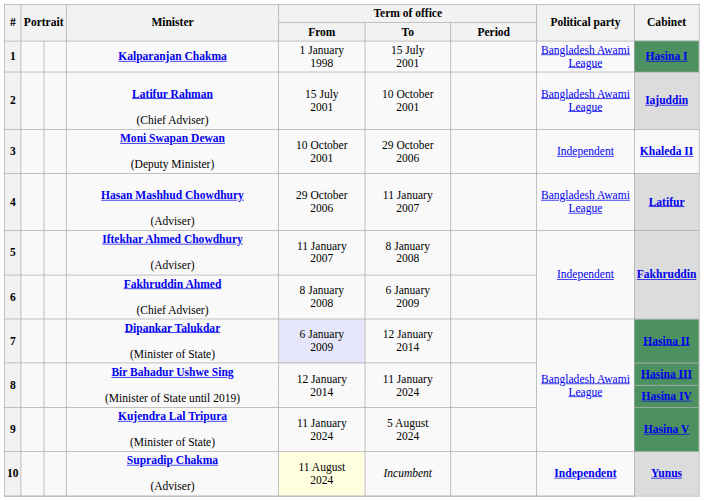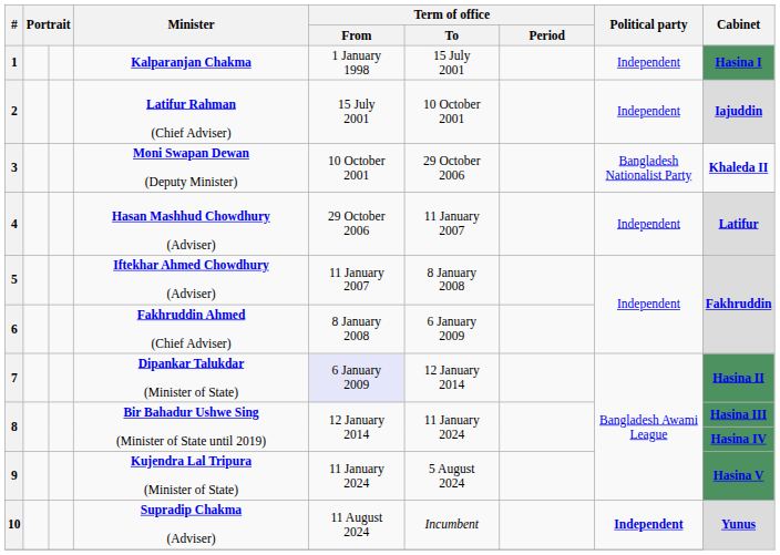 <table class="wikitable" style="text-align:center">
 <tr>
 <th rowspan="2">#</th>
 <th rowspan="2" colspan="2">Portrait</th>
 <th rowspan="2" style="width:18em">Minister<br></th>
 <th colspan="3">Term of office</th>
 <th rowspan="2" style="width:8em">Political party</th>
 <th rowspan="2">Cabinet</th>
 </tr>
 <tr>
 <th style="width:7em">From</th>
 <th style="width:7em">To</th>
 <th style="width:7em">Period</th>
 </tr>
 <tr>
 <th>1</th>
 <td></td>
 <td></td>
 <td><strong><a href='#'>Kalparanjan Chakma</a></strong><br></td>
 <td>1 January<br>1998</td>
 <td>15 July<br>2001</td>
 <td><strong></strong></td>
-<td><a href='#'>Bangladesh Awami League</a></td>
+<td><a href='#'>Independent</a></td>
 <td style="background:#4C915F"><strong><a href='#'>Hasina I</a></strong></td>
 </tr>
 <tr>
 <th>2</th>
 <td></td>
 <td></td>
 <td><br><strong><a href='#'>Latifur Rahman</a></strong><br><br>(Chief Adviser)</td>
 <td>15 July<br>2001</td>
 <td>10 October<br>2001</td>
 <td><strong></strong></td>
-<td><a href='#'>Bangladesh Awami League</a></td>
+<td><a href='#'>Independent</a></td>
 <td style="background:#DCDCDC"><strong><a href='#'>Iajuddin</a></strong></td>
 </tr>
 <tr>
 <th>3</th>
 <td></td>
 <td></td>
 <td><strong><a href='#'>Moni Swapan Dewan</a></strong><br><br>(Deputy Minister)</td>
 <td>10 October<br>2001</td>
 <td>29 October<br>2006</td>
 <td><strong></strong></td>
-<td><a href='#'>Independent</a></td>
+<td><a href='#'>Bangladesh Nationalist Party</a></td>
 <td><strong><a href='#'>Khaleda II</a></strong></td>
 </tr>
 <tr>
 <th>4</th>
 <td></td>
 <td></td>
 <td><br><strong><a href='#'>Hasan Mashhud Chowdhury</a></strong><br><br>(Adviser)</td>
 <td>29 October<br>2006</td>
 <td>11 January<br>2007</td>
 <td><strong></strong></td>
-<td><a href='#'>Bangladesh Awami League</a></td>
+<td><a href='#'>Independent</a></td>
 <td style="background:#DCDCDC"><strong><a href='#'>Latifur</a></strong><br></td>
 </tr>
 <tr>
 <th>5</th>
 <td></td>
 <td></td>
 <td><strong><a href='#'>Iftekhar Ahmed Chowdhury</a></strong><br><br>(Adviser)</td>
 <td>11 January<br>2007</td>
 <td>8 January<br>2008</td>
 <td><strong></strong></td>
 <td rowspan="2"><a href='#'>Independent</a></td>
 <td rowspan="2" style="background:#DCDCDC"><strong><a href='#'>Fakhruddin</a></strong></td>
 </tr>
 <tr>
 <th>6</th>
 <td></td>
 <td></td>
 <td><strong><a href='#'>Fakhruddin Ahmed</a></strong><br><br>(Chief Adviser)</td>
 <td>8 January<br>2008</td>
 <td>6 January<br>2009</td>
 <td><strong></strong></td>
 </tr>
 <tr>
 <th>7</th>
 <td></td>
 <td></td>
 <td><strong><a href='#'>Dipankar Talukdar</a></strong><br><br>(Minister of State)</td>
 <td style="background: lavender;">6 January<br>2009</td>
 <td>12 January<br>2014</td>
 <td><strong></strong></td>
 <td rowspan="4"><a href='#'>Bangladesh Awami League</a></td>
 <td style="background:#4C915F"><strong><a href='#'>Hasina II</a></strong></td>
 </tr>
 <tr>
 <th rowspan="2">8</th>
 <td rowspan="2"></td>
 <td rowspan="2"></td>
 <td rowspan="2"><strong><a href='#'>Bir Bahadur Ushwe Sing</a></strong><br><br>(Minister of State until 2019)</td>
 <td rowspan="2">12 January<br>2014</td>
 <td rowspan="2">11 January<br>2024</td>
 <td rowspan="2"><strong></strong></td>
 <td style="background:#4C915F"><strong><a href='#'>Hasina III</a></strong></td>
 </tr>
 <tr>
 <td style="background:#4C915F"><strong><a href='#'>Hasina IV</a></strong></td>
 </tr>
 <tr>
 <th>9</th>
 <td></td>
 <td></td>
 <td><strong><a href='#'>Kujendra Lal Tripura</a></strong><br><br>(Minister of State)</td>
 <td>11 January<br>2024</td>
 <td>5 August<br>2024</td>
 <td><strong></strong></td>
 <td style="background:#4C915F"><strong><a href='#'>Hasina V</a></strong></td>
 </tr>
 <tr>
 <th>10</th>
 <td></td>
 <td></td>
 <td><strong><a href='#'>Supradip Chakma</a></strong><br><br>(Adviser)</td>
-<td style="background: lightyellow;">11 August<br>2024</td>
+<td>11 August<br>2024</td>
 <td><em>Incumbent</em></td>
 <td><strong></strong></td>
 <td><strong><a href='#'>Independent</a></strong></td>
 <td rowspan="2" style="background:#DCDCDC"><strong><a href='#'>Yunus</a></strong></td>
 </tr>
 <tr>
 </tr>
 </table>
